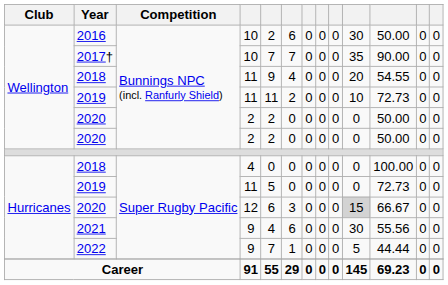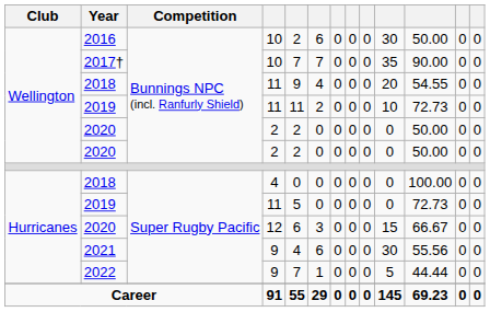 <table class="wikitable sortable" style="text-align:center; font-size:95%">
 <tr>
 <th>Club</th>
 <th>Year</th>
 <th>Competition</th>
 <th></th>
 <th></th>
 <th></th>
 <th></th>
 <th></th>
 <th></th>
 <th></th>
 <th></th>
 <th></th>
 <th></th>
 </tr>
 <tr>
 <td rowspan=6 style="text-align:left;"><a href='#'>Wellington</a></td>
 <td style="text-align:left;"><a href='#'>2016</a></td>
 <td rowspan=6 style="text-align:left;"><a href='#'>Bunnings NPC</a><br><small>(incl. <a href='#'>Ranfurly Shield</a>)</small></td>
 <td>10</td>
 <td>2</td>
 <td>6</td>
 <td>0</td>
 <td>0</td>
 <td>0</td>
 <td>30</td>
 <td>50.00</td>
 <td>0</td>
 <td>0</td>
 </tr>
 <tr>
 <td style="text-align:left;"><a href='#'>2017</a>†</td>
 <td>10</td>
 <td>7</td>
 <td>7</td>
 <td>0</td>
 <td>0</td>
 <td>0</td>
 <td>35</td>
 <td>90.00</td>
 <td>0</td>
 <td>0</td>
 </tr>
 <tr>
 <td style="text-align:left;"><a href='#'>2018</a></td>
 <td>11</td>
 <td>9</td>
 <td>4</td>
 <td>0</td>
 <td>0</td>
 <td>0</td>
 <td>20</td>
 <td>54.55</td>
 <td>0</td>
 <td>0</td>
 </tr>
 <tr>
 <td style="text-align:left;"><a href='#'>2019</a></td>
 <td>11</td>
 <td>11</td>
 <td>2</td>
 <td>0</td>
 <td>0</td>
 <td>0</td>
 <td>10</td>
 <td>72.73</td>
 <td>0</td>
 <td>0</td>
 </tr>
 <tr>
 <td style="text-align:left;"><a href='#'>2020</a></td>
 <td>2</td>
 <td>2</td>
 <td>0</td>
 <td>0</td>
 <td>0</td>
 <td>0</td>
 <td>0</td>
 <td>50.00</td>
 <td>0</td>
 <td>0</td>
 </tr>
 <tr>
 <td style="text-align:left;"><a href='#'>2020</a></td>
 <td>2</td>
 <td>2</td>
 <td>0</td>
 <td>0</td>
 <td>0</td>
 <td>0</td>
 <td>0</td>
 <td>50.00</td>
 <td>0</td>
 <td>0</td>
 </tr>
 <tr>
 <td colspan=13 style="background-color: #DDDDDD"></td>
 </tr>
 <tr>
 <td rowspan=5 style="text-align:left;"><a href='#'>Hurricanes</a></td>
 <td style="text-align:left;"><a href='#'>2018</a></td>
 <td rowspan=5 style="text-align:left;"><a href='#'>Super Rugby Pacific</a></td>
 <td>4</td>
 <td>0</td>
 <td>0</td>
 <td>0</td>
 <td>0</td>
 <td>0</td>
 <td>0</td>
 <td>100.00</td>
 <td>0</td>
 <td>0</td>
 </tr>
 <tr>
 <td style="text-align:left;"><a href='#'>2019</a></td>
 <td>11</td>
 <td>5</td>
 <td>0</td>
 <td>0</td>
 <td>0</td>
 <td>0</td>
 <td>0</td>
 <td>72.73</td>
 <td>0</td>
 <td>0</td>
 </tr>
 <tr>
 <td style="text-align:left;"><a href='#'>2020</a></td>
 <td>12</td>
 <td>6</td>
 <td>3</td>
 <td>0</td>
 <td>0</td>
 <td>0</td>
-<td style="background: lightgrey;">15</td>
+<td>15</td>
 <td>66.67</td>
 <td>0</td>
 <td>0</td>
 </tr>
 <tr>
 <td style="text-align:left;"><a href='#'>2021</a></td>
 <td>9</td>
 <td>4</td>
 <td>6</td>
 <td>0</td>
 <td>0</td>
 <td>0</td>
 <td>30</td>
 <td>55.56</td>
 <td>0</td>
 <td>0</td>
 </tr>
 <tr>
 <td style="text-align:left;"><a href='#'>2022</a></td>
 <td>9</td>
 <td>7</td>
 <td>1</td>
 <td>0</td>
 <td>0</td>
 <td>0</td>
 <td>5</td>
 <td>44.44</td>
 <td>0</td>
 <td>0</td>
 </tr>
 <tr>
 </tr>
 <tr class="sortbottom" valign="top">
 <td colspan=3 style="text-align: center"><strong>Career</strong></td>
 <td><strong>91</strong></td>
 <td><strong>55</strong></td>
 <td><strong>29</strong></td>
 <td><strong>0</strong></td>
 <td><strong>0</strong></td>
 <td><strong>0</strong></td>
 <td><strong>145</strong></td>
 <td><strong>69.23</strong></td>
 <td><strong>0</strong></td>
 <td><strong>0</strong></td>
 </tr>
 </table>
